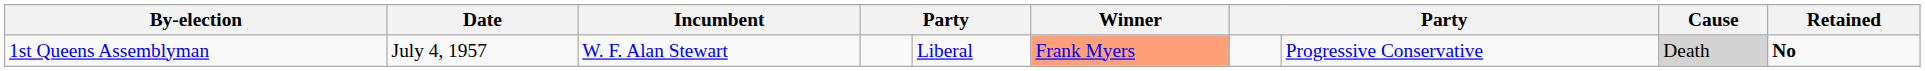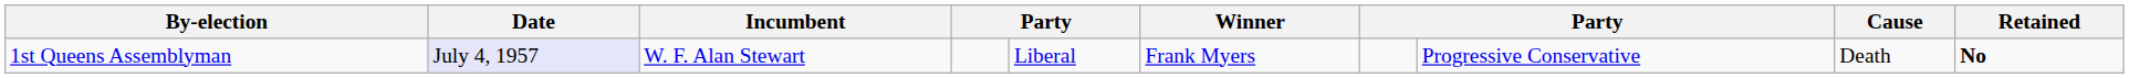 <table class=wikitable style="width:100%">
 <tr>
 <th>By-election</th>
 <th>Date</th>
 <th>Incumbent</th>
 <th colspan=2>Party</th>
 <th>Winner</th>
 <th colspan=2>Party</th>
 <th>Cause</th>
 <th>Retained</th>
 </tr>
 <tr>
 <td><a href='#'>1st Queens Assemblyman</a></td>
-<td>July 4, 1957</td>
+<td style="background: lavender;">July 4, 1957</td>
 <td><a href='#'>W. F. Alan Stewart</a></td>
 <td>    </td>
 <td><a href='#'>Liberal</a></td>
-<td style="background: lightsalmon;"><a href='#'>Frank Myers</a></td>
+<td><a href='#'>Frank Myers</a></td>
 <td>    </td>
 <td><a href='#'>Progressive Conservative</a></td>
-<td style="background: lightgrey;">Death</td>
+<td>Death</td>
 <td><strong>No</strong></td>
 </tr>
 </table>
